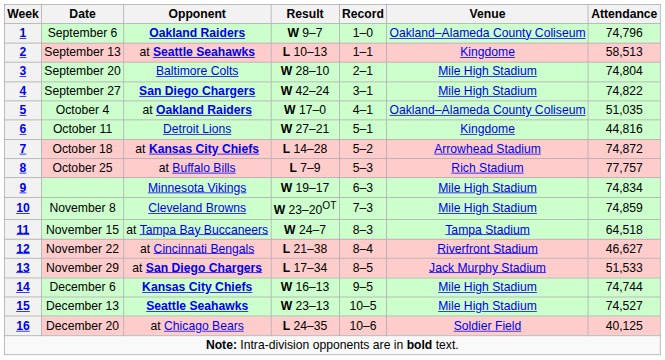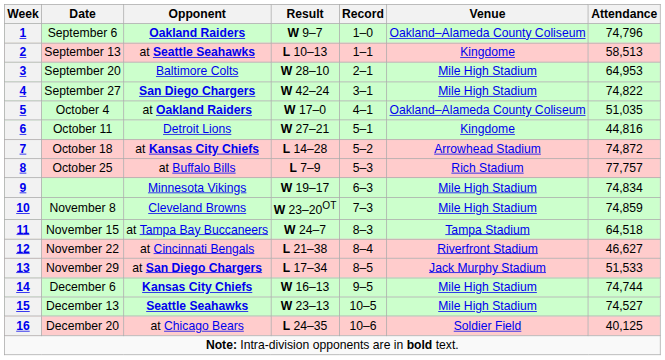 <table class="wikitable" style="text-align:center">
 <tr>
 <th>Week</th>
 <th>Date</th>
 <th>Opponent</th>
 <th>Result</th>
 <th>Record</th>
 <th>Venue</th>
 <th>Attendance</th>
 </tr>
 <tr style="background: #cfc;">
 <th><a href='#'>1</a></th>
 <td>September 6</td>
 <td><strong><a href='#'>Oakland Raiders</a></strong></td>
 <td><strong>W</strong> 9–7</td>
 <td>1–0</td>
 <td><a href='#'>Oakland–Alameda County Coliseum</a></td>
 <td>74,796</td>
 </tr>
 <tr style="background: #fcc;">
 <th><a href='#'>2</a></th>
 <td>September 13</td>
 <td>at <strong><a href='#'>Seattle Seahawks</a></strong></td>
 <td><strong>L</strong> 10–13</td>
 <td>1–1</td>
 <td><a href='#'>Kingdome</a></td>
 <td>58,513</td>
 </tr>
 <tr style="background: #cfc;">
 <th><a href='#'>3</a></th>
 <td>September 20</td>
 <td><a href='#'>Baltimore Colts</a></td>
 <td><strong>W</strong> 28–10</td>
 <td>2–1</td>
 <td><a href='#'>Mile High Stadium</a></td>
-<td>74,804</td>
+<td>64,953</td>
 </tr>
 <tr style="background: #cfc;">
 <th><a href='#'>4</a></th>
 <td>September 27</td>
 <td><strong><a href='#'>San Diego Chargers</a></strong></td>
 <td><strong>W</strong> 42–24</td>
 <td>3–1</td>
 <td><a href='#'>Mile High Stadium</a></td>
 <td>74,822</td>
 </tr>
 <tr style="background: #cfc;">
 <th><a href='#'>5</a></th>
 <td>October 4</td>
 <td>at <strong><a href='#'>Oakland Raiders</a></strong></td>
 <td><strong>W</strong> 17–0</td>
 <td>4–1</td>
 <td><a href='#'>Oakland–Alameda County Coliseum</a></td>
 <td>51,035</td>
 </tr>
 <tr style="background: #cfc;">
 <th><a href='#'>6</a></th>
 <td>October 11</td>
 <td><a href='#'>Detroit Lions</a></td>
 <td><strong>W</strong> 27–21</td>
 <td>5–1</td>
 <td><a href='#'>Kingdome</a></td>
 <td>44,816</td>
 </tr>
 <tr style="background: #fcc;">
 <th><a href='#'>7</a></th>
 <td>October 18</td>
 <td>at <strong><a href='#'>Kansas City Chiefs</a></strong></td>
 <td><strong>L</strong> 14–28</td>
 <td>5–2</td>
 <td><a href='#'>Arrowhead Stadium</a></td>
 <td>74,872</td>
 </tr>
 <tr style="background: #fcc;">
 <th><a href='#'>8</a></th>
 <td>October 25</td>
 <td>at <a href='#'>Buffalo Bills</a></td>
 <td><strong>L</strong> 7–9</td>
 <td>5–3</td>
 <td><a href='#'>Rich Stadium</a></td>
 <td>77,757</td>
 </tr>
 <tr style="background: #cfc;">
 <th><a href='#'>9</a></th>
 <td></td>
 <td><a href='#'>Minnesota Vikings</a></td>
 <td><strong>W</strong> 19–17</td>
 <td>6–3</td>
 <td><a href='#'>Mile High Stadium</a></td>
 <td>74,834</td>
 </tr>
 <tr style="background: #cfc;">
 <th><a href='#'>10</a></th>
 <td>November 8</td>
 <td><a href='#'>Cleveland Browns</a></td>
 <td><strong>W</strong> 23–20<sup>OT</sup></td>
 <td>7–3</td>
 <td><a href='#'>Mile High Stadium</a></td>
 <td>74,859</td>
 </tr>
 <tr style="background: #cfc;">
 <th><a href='#'>11</a></th>
 <td>November 15</td>
 <td>at <a href='#'>Tampa Bay Buccaneers</a></td>
 <td><strong>W</strong> 24–7</td>
 <td>8–3</td>
 <td><a href='#'>Tampa Stadium</a></td>
 <td>64,518</td>
 </tr>
 <tr style="background: #fcc;">
 <th><a href='#'>12</a></th>
 <td>November 22</td>
 <td>at <a href='#'>Cincinnati Bengals</a></td>
 <td><strong>L</strong> 21–38</td>
 <td>8–4</td>
 <td><a href='#'>Riverfront Stadium</a></td>
 <td>46,627</td>
 </tr>
 <tr style="background: #fcc;">
 <th><a href='#'>13</a></th>
 <td>November 29</td>
 <td>at <strong><a href='#'>San Diego Chargers</a></strong></td>
 <td><strong>L</strong> 17–34</td>
 <td>8–5</td>
 <td><a href='#'>Jack Murphy Stadium</a></td>
 <td>51,533</td>
 </tr>
 <tr style="background: #cfc;">
 <th><a href='#'>14</a></th>
 <td>December 6</td>
 <td><strong><a href='#'>Kansas City Chiefs</a></strong></td>
 <td><strong>W</strong> 16–13</td>
 <td>9–5</td>
 <td><a href='#'>Mile High Stadium</a></td>
 <td>74,744</td>
 </tr>
 <tr style="background: #cfc;">
 <th><a href='#'>15</a></th>
 <td>December 13</td>
 <td><strong><a href='#'>Seattle Seahawks</a></strong></td>
 <td><strong>W</strong> 23–13</td>
 <td>10–5</td>
 <td><a href='#'>Mile High Stadium</a></td>
 <td>74,527</td>
 </tr>
 <tr style="background: #fcc;">
 <th><a href='#'>16</a></th>
 <td>December 20</td>
 <td>at <a href='#'>Chicago Bears</a></td>
 <td><strong>L</strong> 24–35</td>
 <td>10–6</td>
 <td><a href='#'>Soldier Field</a></td>
 <td>40,125</td>
 </tr>
 <tr>
 <td colspan="8"><strong>Note:</strong> Intra-division opponents are in <strong>bold</strong> text.</td>
 </tr>
 </table>
